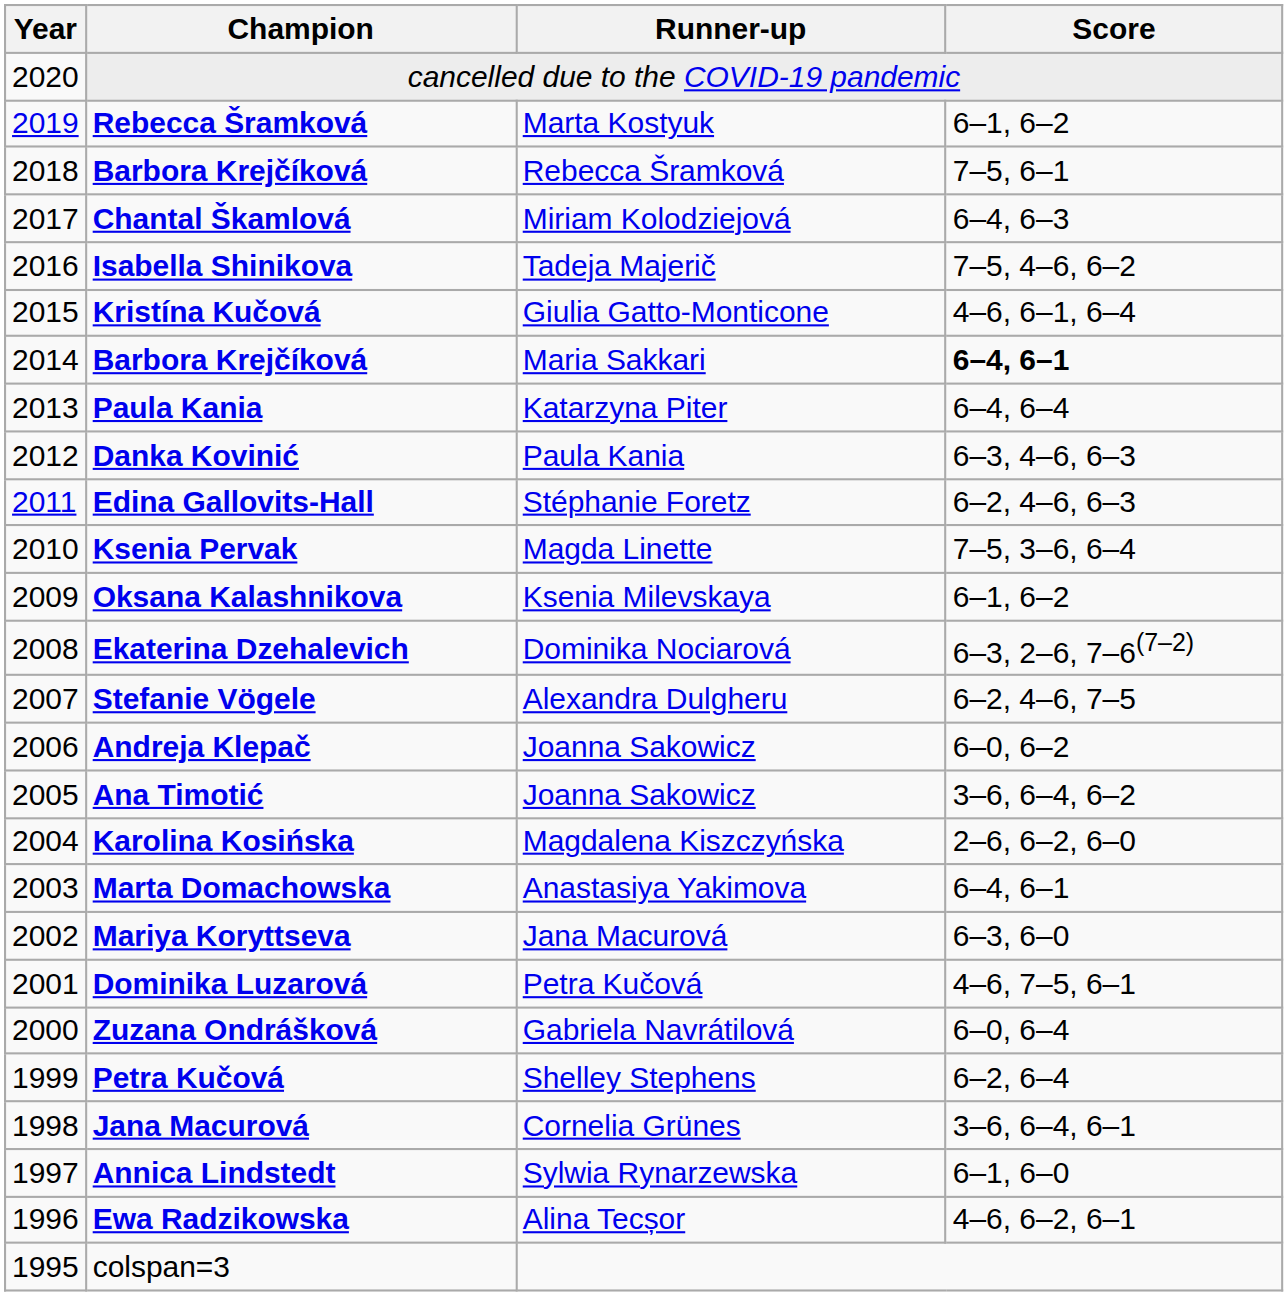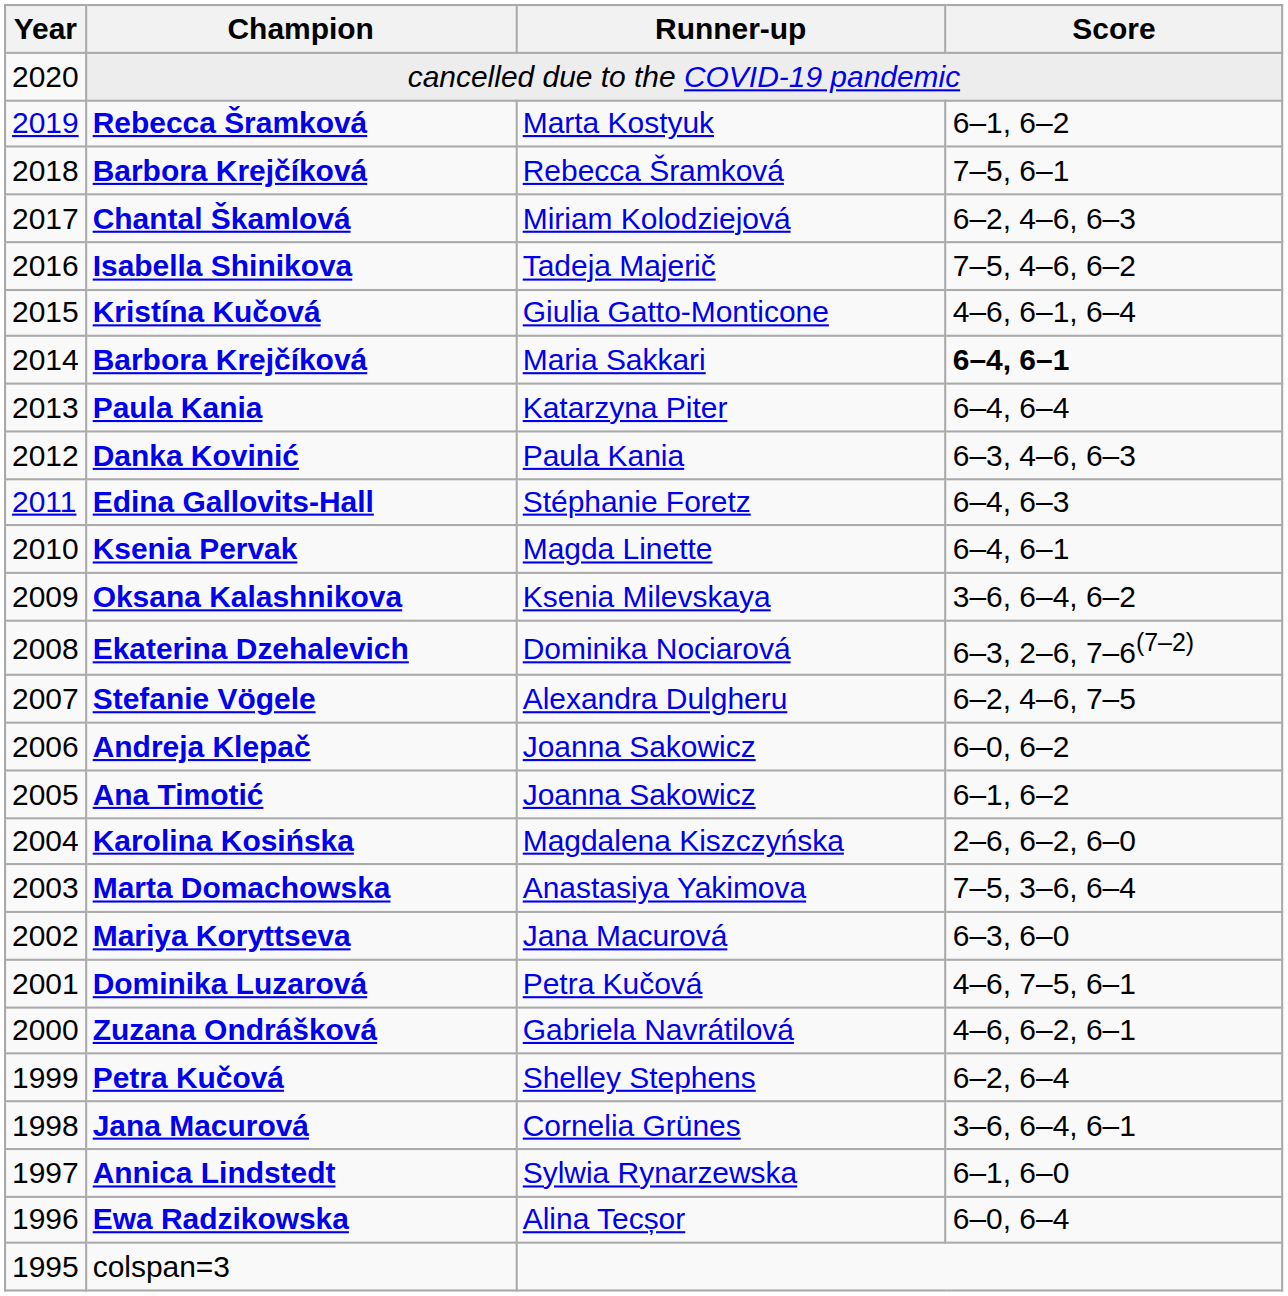 <table class="wikitable" style="font-size:90%">
 <tr>
 <th>Year</th>
 <th width="200">Champion</th>
 <th width="200">Runner-up</th>
 <th width="155">Score</th>
 </tr>
 <tr>
 <td>2020</td>
 <td colspan="3" style="background:#ededed; text-align:center;"><em>cancelled due to the <a href='#'>COVID-19 pandemic</a></em></td>
 </tr>
 <tr>
 <td><a href='#'>2019</a></td>
 <td> <strong><a href='#'>Rebecca Šramková</a></strong></td>
 <td> <a href='#'>Marta Kostyuk</a></td>
 <td>6–1, 6–2</td>
 </tr>
 <tr>
 <td>2018</td>
 <td> <strong><a href='#'>Barbora Krejčíková</a></strong></td>
 <td> <a href='#'>Rebecca Šramková</a></td>
 <td>7–5, 6–1</td>
 </tr>
 <tr>
 <td>2017</td>
 <td> <strong><a href='#'>Chantal Škamlová</a></strong></td>
 <td> <a href='#'>Miriam Kolodziejová</a></td>
-<td>6–4, 6–3</td>
+<td>6–2, 4–6, 6–3</td>
 </tr>
 <tr>
 <td>2016</td>
 <td> <strong><a href='#'>Isabella Shinikova</a></strong></td>
 <td> <a href='#'>Tadeja Majerič</a></td>
 <td>7–5, 4–6, 6–2</td>
 </tr>
 <tr>
 <td>2015</td>
 <td> <strong><a href='#'>Kristína Kučová</a></strong></td>
 <td> <a href='#'>Giulia Gatto-Monticone</a></td>
 <td>4–6, 6–1, 6–4</td>
 </tr>
 <tr>
 <td>2014</td>
 <td> <strong><a href='#'>Barbora Krejčíková</a></strong></td>
 <td> <a href='#'>Maria Sakkari</a></td>
 <td><strong>6–4, 6–1</strong></td>
 </tr>
 <tr>
 <td>2013</td>
 <td> <strong><a href='#'>Paula Kania</a></strong></td>
 <td> <a href='#'>Katarzyna Piter</a></td>
 <td>6–4, 6–4</td>
 </tr>
 <tr>
 <td>2012</td>
 <td> <strong><a href='#'>Danka Kovinić</a></strong></td>
 <td> <a href='#'>Paula Kania</a></td>
 <td>6–3, 4–6, 6–3</td>
 </tr>
 <tr>
 <td><a href='#'>2011</a></td>
 <td> <strong><a href='#'>Edina Gallovits-Hall</a></strong></td>
 <td> <a href='#'>Stéphanie Foretz</a></td>
-<td>6–2, 4–6, 6–3</td>
+<td>6–4, 6–3</td>
 </tr>
 <tr>
 <td>2010</td>
 <td> <strong><a href='#'>Ksenia Pervak</a></strong></td>
 <td> <a href='#'>Magda Linette</a></td>
-<td>7–5, 3–6, 6–4</td>
+<td>6–4, 6–1</td>
 </tr>
 <tr>
 <td>2009</td>
 <td> <strong><a href='#'>Oksana Kalashnikova</a></strong></td>
 <td> <a href='#'>Ksenia Milevskaya</a></td>
-<td>6–1, 6–2</td>
+<td>3–6, 6–4, 6–2</td>
 </tr>
 <tr>
 <td>2008</td>
 <td> <strong><a href='#'>Ekaterina Dzehalevich</a></strong></td>
 <td> <a href='#'>Dominika Nociarová</a></td>
 <td>6–3, 2–6, 7–6<sup>(7–2)</sup></td>
 </tr>
 <tr>
 <td>2007</td>
 <td> <strong><a href='#'>Stefanie Vögele</a></strong></td>
 <td> <a href='#'>Alexandra Dulgheru</a></td>
 <td>6–2, 4–6, 7–5</td>
 </tr>
 <tr>
 <td>2006</td>
 <td> <strong><a href='#'>Andreja Klepač</a></strong></td>
 <td> <a href='#'>Joanna Sakowicz</a></td>
 <td>6–0, 6–2</td>
 </tr>
 <tr>
 <td>2005</td>
 <td> <strong><a href='#'>Ana Timotić</a></strong></td>
 <td> <a href='#'>Joanna Sakowicz</a></td>
-<td>3–6, 6–4, 6–2</td>
+<td>6–1, 6–2</td>
 </tr>
 <tr>
 <td>2004</td>
 <td> <strong><a href='#'>Karolina Kosińska</a></strong></td>
 <td> <a href='#'>Magdalena Kiszczyńska</a></td>
 <td>2–6, 6–2, 6–0</td>
 </tr>
 <tr>
 <td>2003</td>
 <td> <strong><a href='#'>Marta Domachowska</a></strong></td>
 <td> <a href='#'>Anastasiya Yakimova</a></td>
-<td>6–4, 6–1</td>
+<td>7–5, 3–6, 6–4</td>
 </tr>
 <tr>
 <td>2002</td>
 <td> <strong><a href='#'>Mariya Koryttseva</a></strong></td>
 <td> <a href='#'>Jana Macurová</a></td>
 <td>6–3, 6–0</td>
 </tr>
 <tr>
 <td>2001</td>
 <td> <strong><a href='#'>Dominika Luzarová</a></strong></td>
 <td> <a href='#'>Petra Kučová</a></td>
 <td>4–6, 7–5, 6–1</td>
 </tr>
 <tr>
 <td>2000</td>
 <td> <strong><a href='#'>Zuzana Ondrášková</a></strong></td>
 <td> <a href='#'>Gabriela Navrátilová</a></td>
-<td>6–0, 6–4</td>
+<td>4–6, 6–2, 6–1</td>
 </tr>
 <tr>
 <td>1999</td>
 <td> <strong><a href='#'>Petra Kučová</a></strong></td>
 <td> <a href='#'>Shelley Stephens</a></td>
 <td>6–2, 6–4</td>
 </tr>
 <tr>
 <td>1998</td>
 <td> <strong><a href='#'>Jana Macurová</a></strong></td>
 <td> <a href='#'>Cornelia Grünes</a></td>
 <td>3–6, 6–4, 6–1</td>
 </tr>
 <tr>
 <td>1997</td>
 <td> <strong><a href='#'>Annica Lindstedt</a></strong></td>
 <td> <a href='#'>Sylwia Rynarzewska</a></td>
 <td>6–1, 6–0</td>
 </tr>
 <tr>
 <td>1996</td>
 <td> <strong><a href='#'>Ewa Radzikowska</a></strong></td>
 <td> <a href='#'>Alina Tecșor</a></td>
-<td>4–6, 6–2, 6–1</td>
+<td>6–0, 6–4</td>
 </tr>
 <tr>
 <td>1995</td>
 <td>colspan=3 </td>
 </tr>
 </table>
